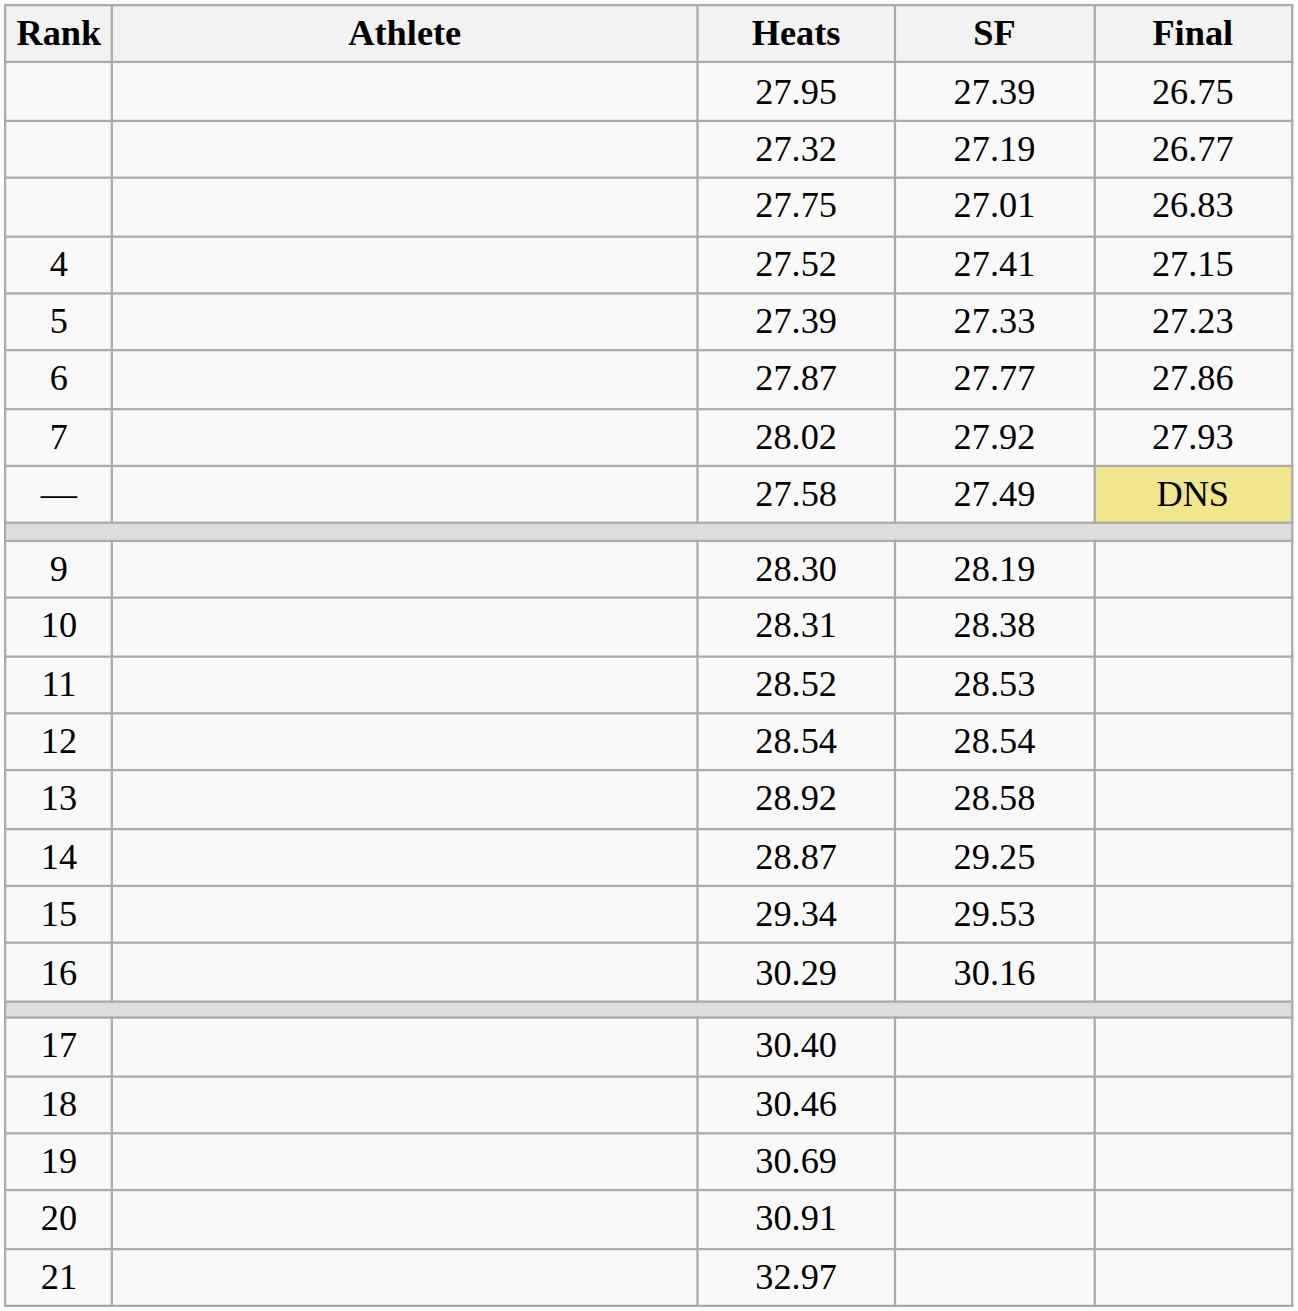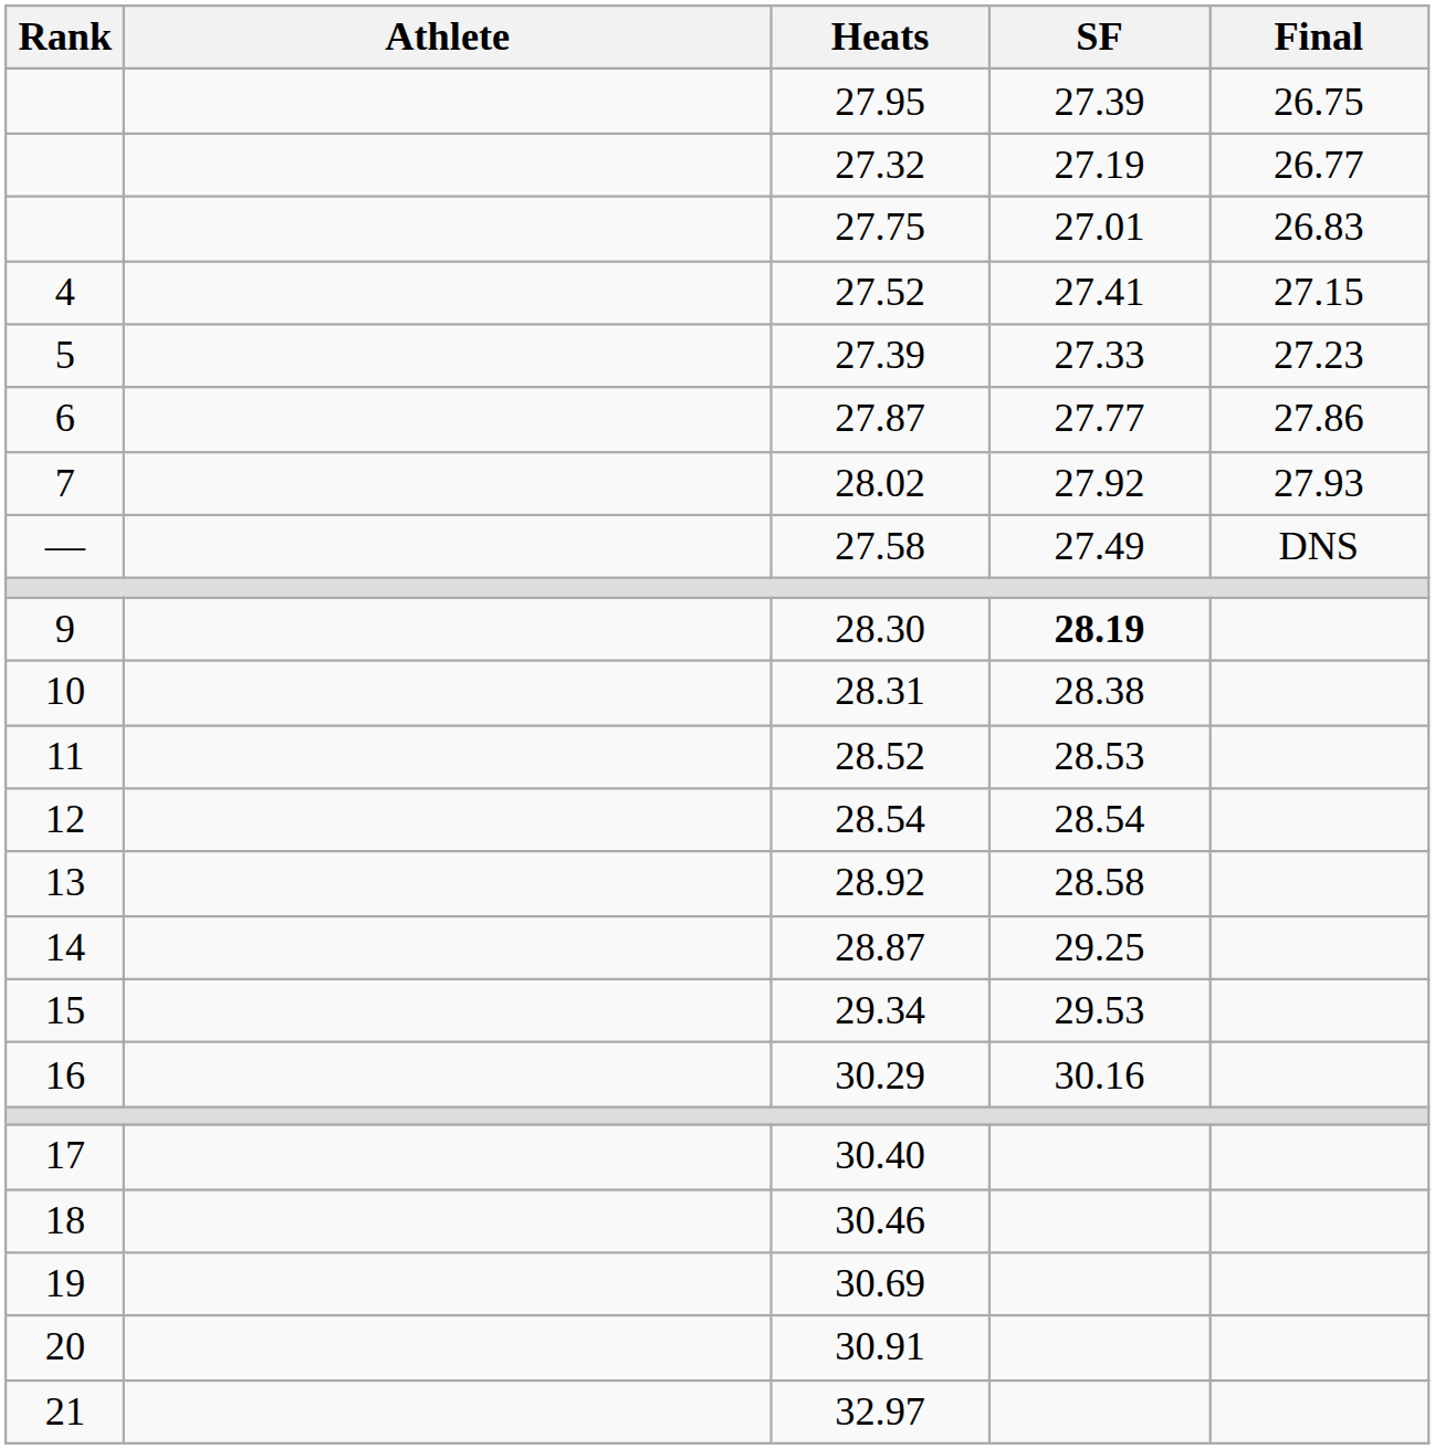 <table class=wikitable style="text-align:center">
 <tr>
 <th width=40>Rank</th>
 <th width=250>Athlete</th>
 <th width=80>Heats</th>
 <th width=80>SF</th>
 <th width=80>Final</th>
 </tr>
 <tr>
 <td></td>
 <td align=left></td>
 <td>27.95</td>
 <td>27.39</td>
 <td>26.75</td>
 </tr>
 <tr>
 <td></td>
 <td align=left></td>
 <td>27.32</td>
 <td>27.19</td>
 <td>26.77</td>
 </tr>
 <tr>
 <td></td>
 <td align=left></td>
 <td>27.75</td>
 <td>27.01</td>
 <td>26.83</td>
 </tr>
 <tr>
 <td>4</td>
 <td align=left></td>
 <td>27.52</td>
 <td>27.41</td>
 <td>27.15</td>
 </tr>
 <tr>
 <td>5</td>
 <td align=left></td>
 <td>27.39</td>
 <td>27.33</td>
 <td>27.23</td>
 </tr>
 <tr>
 <td>6</td>
 <td align=left></td>
 <td>27.87</td>
 <td>27.77</td>
 <td>27.86</td>
 </tr>
 <tr>
 <td>7</td>
 <td align=left></td>
 <td>28.02</td>
 <td>27.92</td>
 <td>27.93</td>
 </tr>
 <tr>
 <td>—</td>
 <td align=left></td>
 <td>27.58</td>
 <td>27.49</td>
-<td style="background: khaki;">DNS</td>
+<td>DNS</td>
 </tr>
 <tr bgcolor=#DDDDDD>
 <td colspan=5></td>
 </tr>
 <tr>
 <td>9</td>
 <td align=left></td>
 <td>28.30</td>
-<td>28.19</td>
+<td><strong>28.19</strong></td>
 <td></td>
 </tr>
 <tr>
 <td>10</td>
 <td align=left></td>
 <td>28.31</td>
 <td>28.38</td>
 <td></td>
 </tr>
 <tr>
 <td>11</td>
 <td align=left></td>
 <td>28.52</td>
 <td>28.53</td>
 <td></td>
 </tr>
 <tr>
 <td>12</td>
 <td align=left></td>
 <td>28.54</td>
 <td>28.54</td>
 <td></td>
 </tr>
 <tr>
 <td>13</td>
 <td align=left></td>
 <td>28.92</td>
 <td>28.58</td>
 <td></td>
 </tr>
 <tr>
 <td>14</td>
 <td align=left></td>
 <td>28.87</td>
 <td>29.25</td>
 <td></td>
 </tr>
 <tr>
 <td>15</td>
 <td align=left></td>
 <td>29.34</td>
 <td>29.53</td>
 <td></td>
 </tr>
 <tr>
 <td>16</td>
 <td align=left></td>
 <td>30.29</td>
 <td>30.16</td>
 <td></td>
 </tr>
 <tr bgcolor=#DDDDDD>
 <td colspan=5></td>
 </tr>
 <tr>
 <td>17</td>
 <td align=left></td>
 <td>30.40</td>
 <td></td>
 <td></td>
 </tr>
 <tr>
 <td>18</td>
 <td align=left></td>
 <td>30.46</td>
 <td></td>
 <td></td>
 </tr>
 <tr>
 <td>19</td>
 <td align=left></td>
 <td>30.69</td>
 <td></td>
 <td></td>
 </tr>
 <tr>
 <td>20</td>
 <td align=left></td>
 <td>30.91</td>
 <td></td>
 <td></td>
 </tr>
 <tr>
 <td>21</td>
 <td align=left></td>
 <td>32.97</td>
 <td></td>
 <td></td>
 </tr>
 </table>
